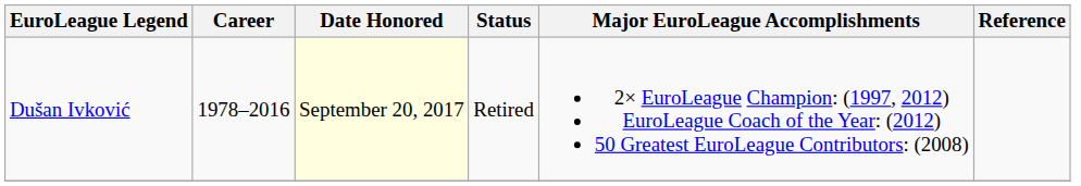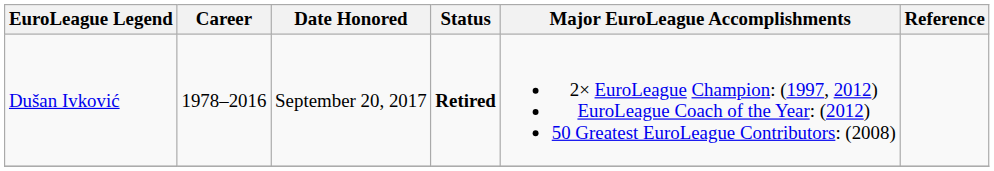 <table class="wikitable">
 <tr>
 <th>EuroLeague Legend</th>
 <th>Career</th>
 <th>Date Honored</th>
 <th>Status</th>
 <th>Major EuroLeague Accomplishments</th>
 <th>Reference</th>
 </tr>
 <tr>
 <td> <a href='#'>Dušan Ivković</a></td>
 <td style="text-align:center;">1978–2016</td>
-<td style="background: lightyellow;">September 20, 2017</td>
-<td style="text-align:center;">Retired</td>
+<td>September 20, 2017</td>
+<td style="text-align:center;"><strong>Retired</strong></td>
 <td style="text-align:center;"><br><ul><li>2× <a href='#'>EuroLeague</a> <a href='#'>Champion</a>: (<a href='#'>1997</a>, <a href='#'>2012</a>)</li><li><a href='#'>EuroLeague Coach of the Year</a>: (<a href='#'>2012</a>)</li><li><a href='#'>50 Greatest EuroLeague Contributors</a>: (2008)</li></ul></td>
 <td style="text-align:center;"></td>
 </tr>
 <tr>
 </tr>
 </table>
